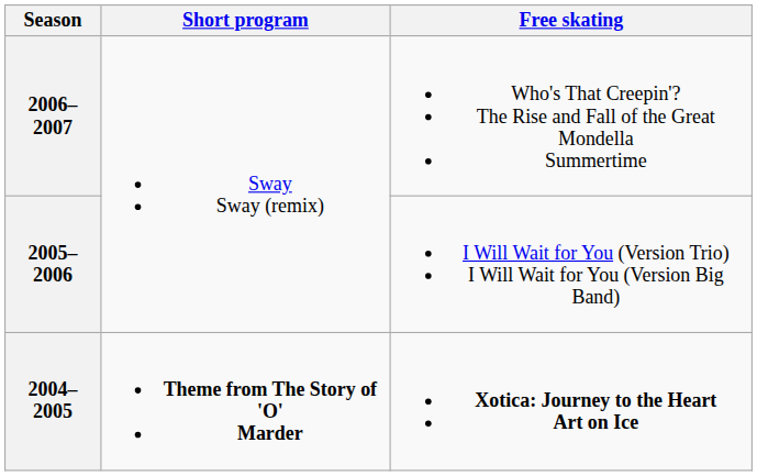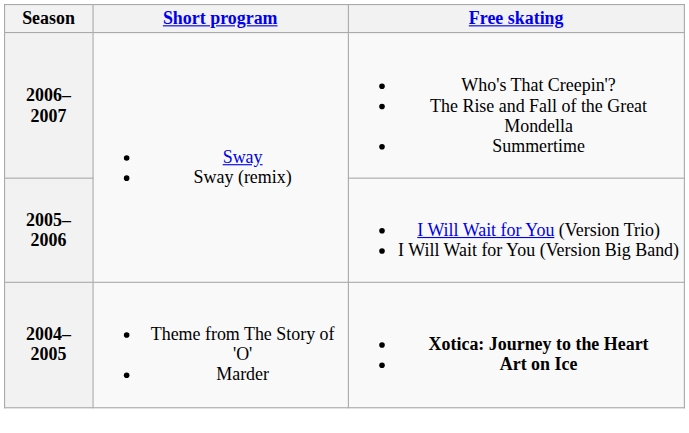 <table class=wikitable style=text-align:center>
 <tr>
 <th>Season</th>
 <th><a href='#'>Short program</a></th>
 <th><a href='#'>Free skating</a></th>
 </tr>
 <tr>
 <th>2006–2007 <br> </th>
 <td rowspan=2><br><ul><li><a href='#'>Sway</a> <br></li><li>Sway (remix) <br></li></ul></td>
 <td><br><ul><li>Who's That Creepin'? <br></li><li>The Rise and Fall of the Great Mondella <br></li><li>Summertime <br></li></ul></td>
 </tr>
 <tr>
 <th>2005–2006 <br> </th>
 <td><br><ul><li><a href='#'>I Will Wait for You</a> (Version Trio) <br></li><li>I Will Wait for You (Version Big Band) <br></li></ul></td>
 </tr>
 <tr>
 <th>2004–2005 <br> </th>
-<td><strong><br><ul><li>Theme from The Story of 'O'</li><li>Marder</li></ul></strong></td>
+<td><br><ul><li>Theme from The Story of 'O'</li><li>Marder</li></ul></td>
 <td><strong><br><ul><li>Xotica: Journey to the Heart <br></li><li>Art on Ice <br></li></ul></strong></td>
 </tr>
 </table>
